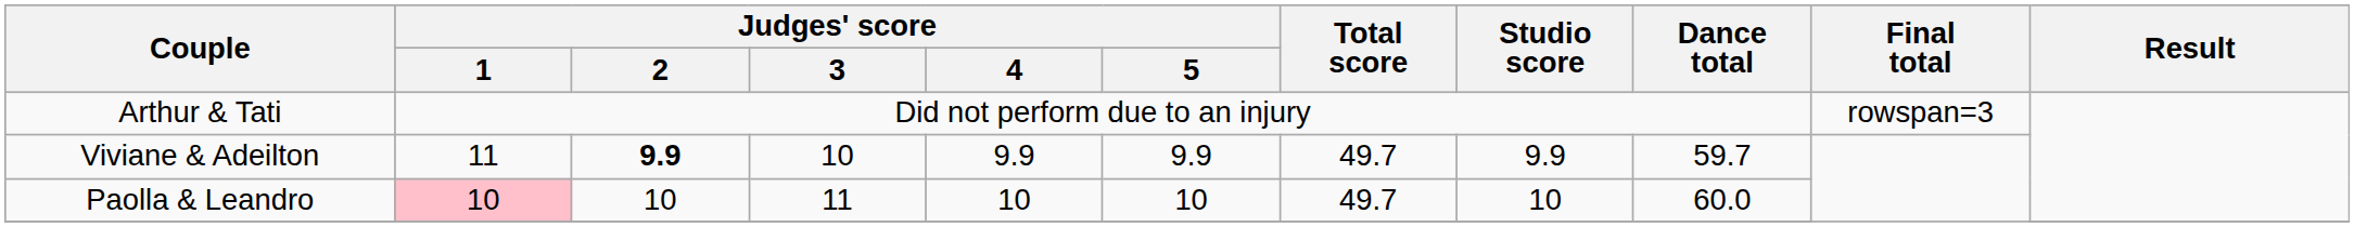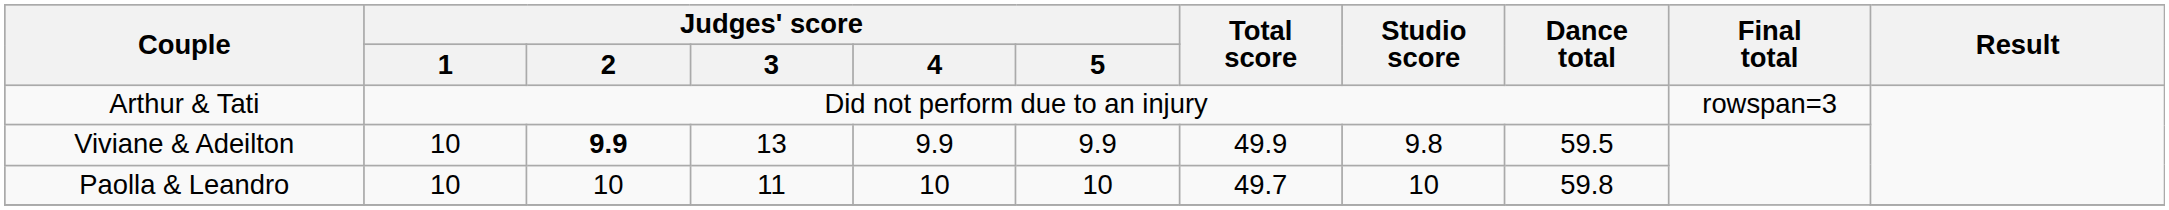 <table class="wikitable" style="font-size:100%; line-height:16px; text-align:center" width="100%">
 <tr>
 <th rowspan=2 width="11.0%">Couple</th>
 <th colspan=5 width="25.0%">Judges' score</th>
 <th rowspan=2 width="05.0%">Total<br>score</th>
 <th rowspan=2 width="05.0%">Studio<br>score</th>
 <th rowspan=2 width="05.0%">Dance<br>total</th>
 <th rowspan=2 width="05.0%">Final<br>total</th>
 <th rowspan=2 width="09.0%">Result</th>
 </tr>
 <tr>
 <th width="05.0%">1</th>
 <th width="05.0%">2</th>
 <th width="05.0%">3</th>
 <th width="05.0%">4</th>
 <th width="05.0%">5</th>
 </tr>
 <tr>
 <td>Arthur & Tati</td>
 <td colspan=8>Did not perform due to an injury</td>
 <td>rowspan=3 </td>
 <td rowspan=3></td>
 </tr>
 <tr>
 <td>Viviane & Adeilton</td>
-<td>11</td>
+<td>10</td>
 <td><strong>9.9</strong></td>
-<td>10</td>
+<td>13</td>
 <td>9.9</td>
 <td>9.9</td>
-<td>49.7</td>
-<td>9.9</td>
-<td>59.7</td>
+<td>49.9</td>
+<td>9.8</td>
+<td>59.5</td>
 </tr>
 <tr>
 <td>Paolla & Leandro</td>
-<td style="background: pink;">10</td>
+<td>10</td>
 <td>10</td>
 <td>11</td>
 <td>10</td>
 <td>10</td>
 <td>49.7</td>
 <td>10</td>
-<td>60.0</td>
+<td>59.8</td>
 </tr>
 <tr>
 </tr>
 </table>
